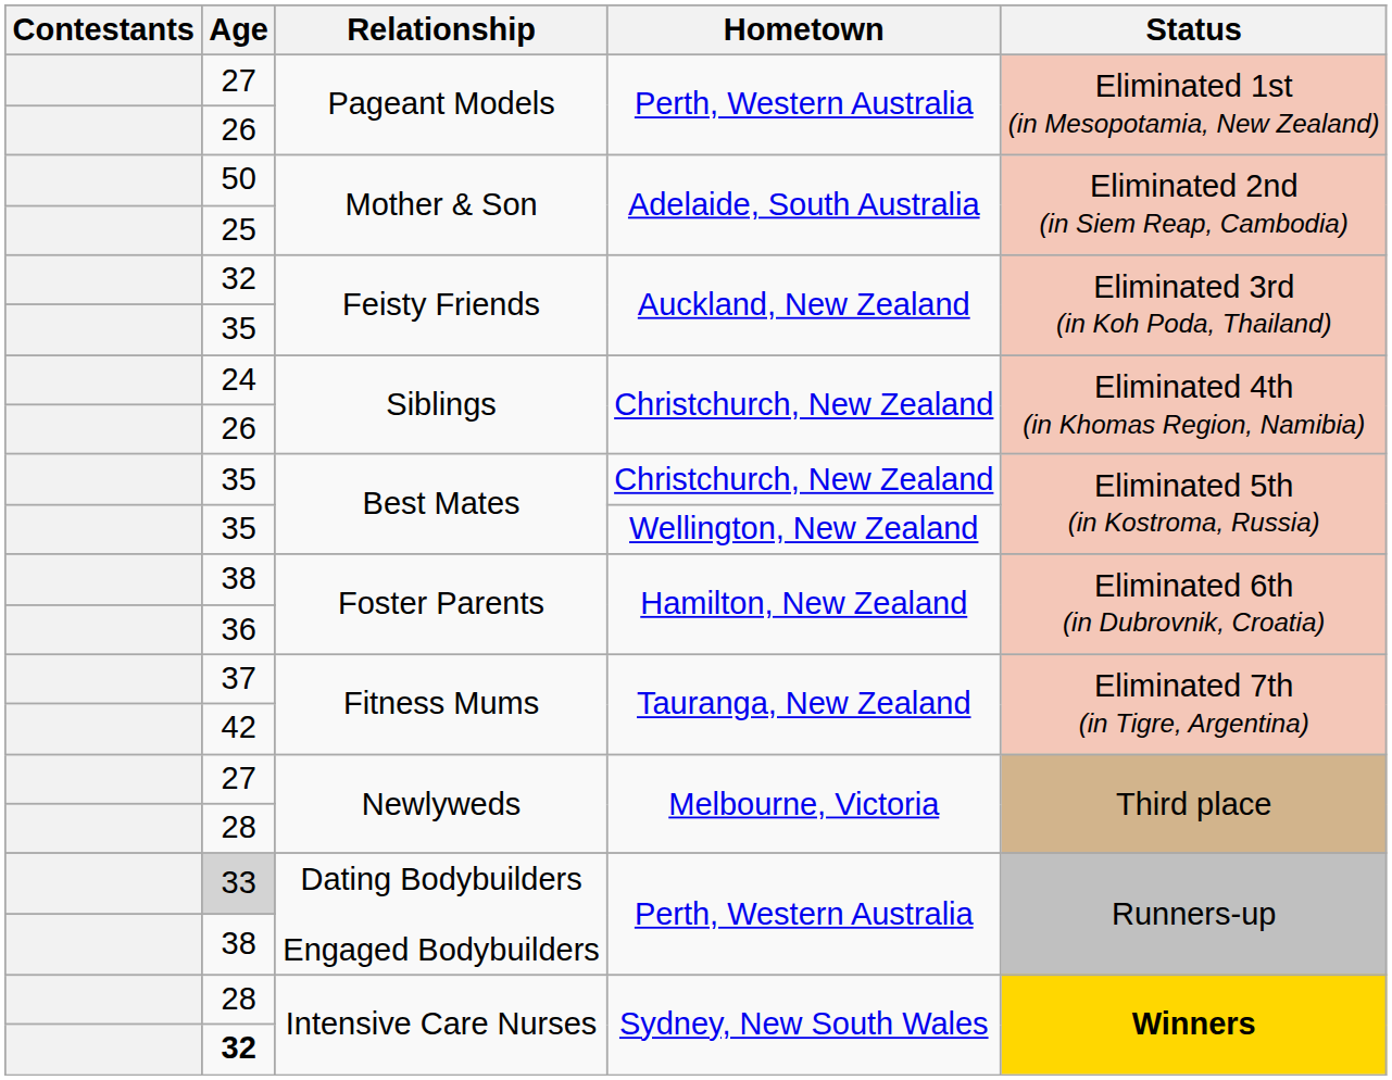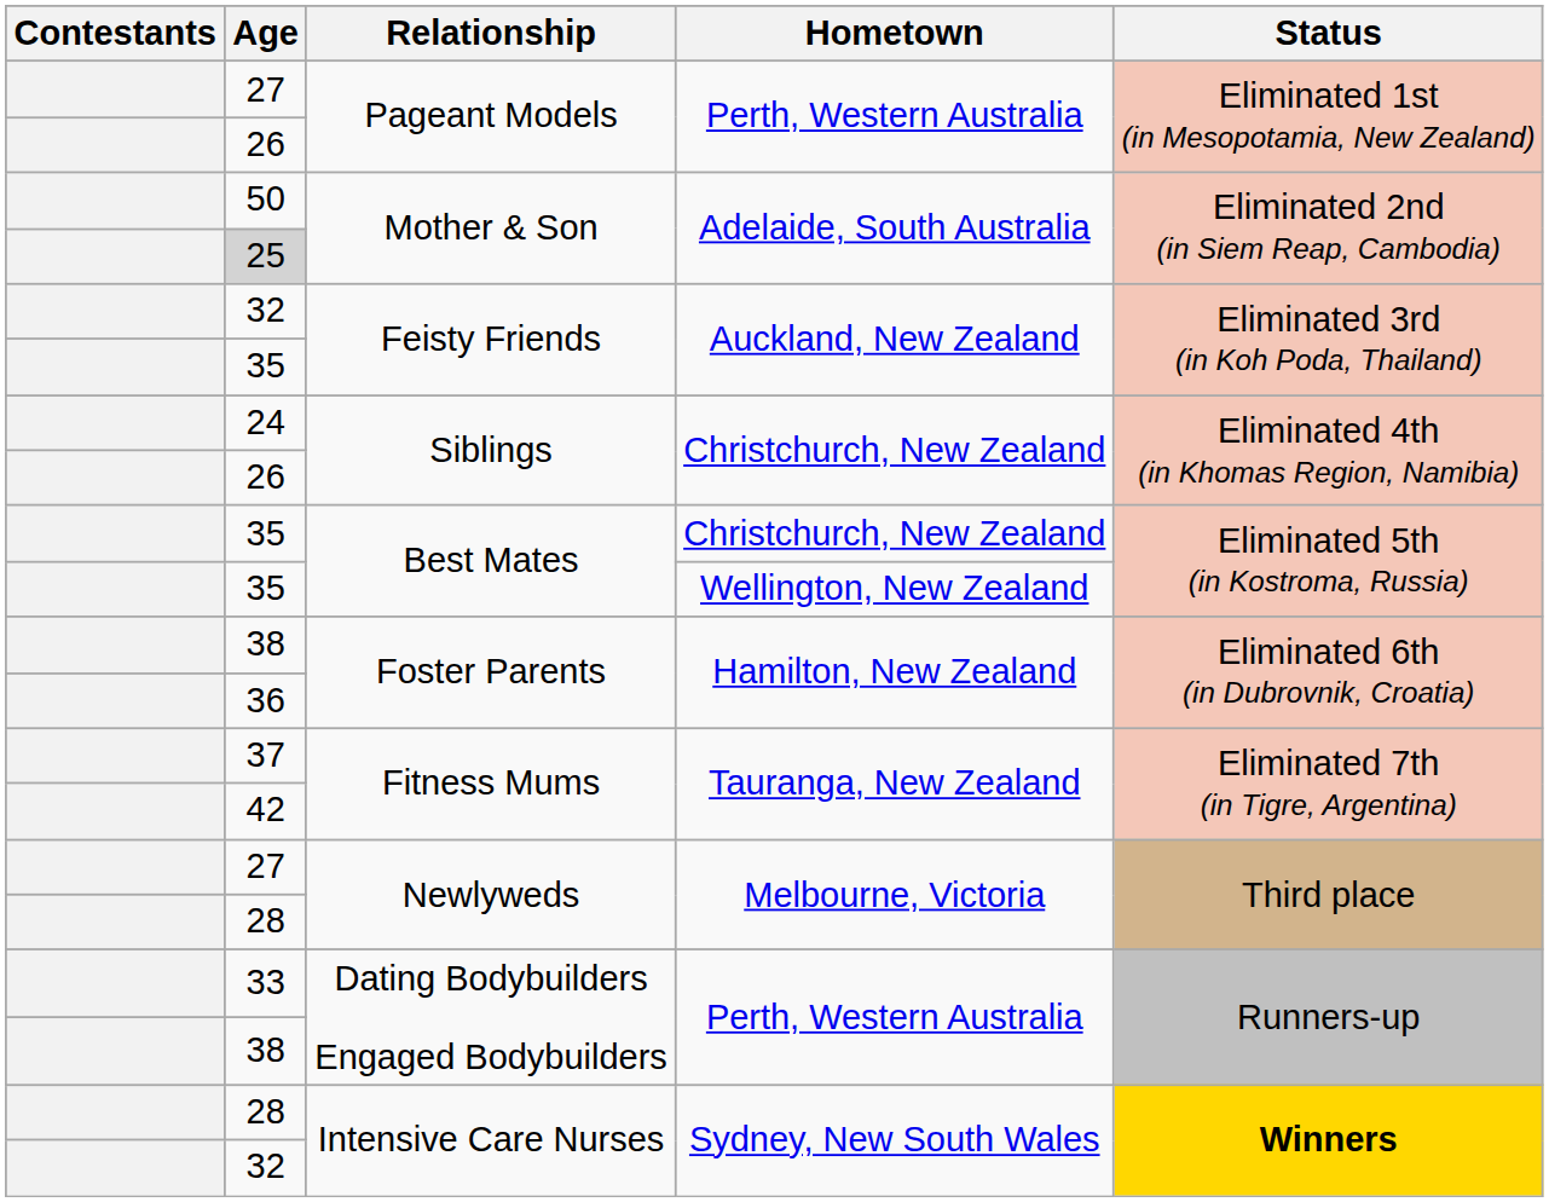 <table class="wikitable sortable" style="text-align:center;">
 <tr>
 <th scope="col">Contestants</th>
 <th scope="col">Age</th>
 <th scope="col" class="unsortable">Relationship</th>
 <th class="unsortable" scope="col">Hometown</th>
 <th scope="col">Status</th>
 </tr>
 <tr>
 <th scope="row"></th>
 <td>27</td>
 <td rowspan="2">Pageant Models</td>
 <td rowspan="2"><a href='#'>Perth, Western Australia</a></td>
 <td rowspan="2" bgcolor="f4c7b8">Eliminated 1st<br><small><em>(in Mesopotamia, New Zealand)</em></small></td>
 </tr>
 <tr>
 <th scope="row"></th>
 <td>26</td>
 </tr>
 <tr>
 <th scope="row"></th>
 <td>50</td>
 <td rowspan="2">Mother & Son</td>
 <td rowspan="2"><a href='#'>Adelaide, South Australia</a></td>
 <td rowspan="2" bgcolor="f4c7b8">Eliminated 2nd<br><small><em>(in Siem Reap, Cambodia)</em></small></td>
 </tr>
 <tr>
 <th scope="row"></th>
-<td>25</td>
+<td style="background: lightgrey;">25</td>
 </tr>
 <tr>
 <th scope="row"></th>
 <td>32</td>
 <td rowspan="2">Feisty Friends</td>
 <td rowspan="2"><a href='#'>Auckland, New Zealand</a></td>
 <td rowspan="2" bgcolor="f4c7b8">Eliminated 3rd<br><small><em>(in Koh Poda, Thailand)</em></small></td>
 </tr>
 <tr>
 <th scope="row"></th>
 <td>35</td>
 </tr>
 <tr>
 <th scope="row"></th>
 <td>24</td>
 <td rowspan="2">Siblings</td>
 <td rowspan="2"><a href='#'>Christchurch, New Zealand</a></td>
 <td rowspan="2" bgcolor="f4c7b8">Eliminated 4th<br><small><em>(in Khomas Region, Namibia)</em></small></td>
 </tr>
 <tr>
 <th scope="row"></th>
 <td>26</td>
 </tr>
 <tr>
 <th scope="row"></th>
 <td>35</td>
 <td rowspan="2">Best Mates</td>
 <td><a href='#'>Christchurch, New Zealand</a></td>
 <td rowspan="2" bgcolor="f4c7b8">Eliminated 5th<br><small><em>(in Kostroma, Russia)</em></small></td>
 </tr>
 <tr>
 <th scope="row"></th>
 <td>35</td>
 <td><a href='#'>Wellington, New Zealand</a></td>
 </tr>
 <tr>
 <th scope="row"></th>
 <td>38</td>
 <td rowspan="2">Foster Parents</td>
 <td rowspan="2"><a href='#'>Hamilton, New Zealand</a></td>
 <td rowspan="2" bgcolor="f4c7b8">Eliminated 6th<br><small><em>(in Dubrovnik, Croatia)</em></small></td>
 </tr>
 <tr>
 <th scope="row"></th>
 <td>36</td>
 </tr>
 <tr>
 <th scope="row"></th>
 <td>37</td>
 <td rowspan="2">Fitness Mums</td>
 <td rowspan="2"><a href='#'>Tauranga, New Zealand</a></td>
 <td rowspan="2" bgcolor="f4c7b8">Eliminated 7th<br><small><em>(in Tigre, Argentina)</em></small></td>
 </tr>
 <tr>
 <th scope="row"></th>
 <td>42</td>
 </tr>
 <tr>
 <th scope="row"></th>
 <td>27</td>
 <td rowspan="2">Newlyweds</td>
 <td rowspan="2"><a href='#'>Melbourne, Victoria</a></td>
 <td rowspan="2" bgcolor="tan">Third place</td>
 </tr>
 <tr>
 <th scope="row"></th>
 <td>28</td>
 </tr>
 <tr>
 <th scope="row"></th>
-<td style="background: lightgrey;">33</td>
+<td>33</td>
 <td rowspan="2">Dating Bodybuilders<br><em></em><br>Engaged Bodybuilders<br><em></em></td>
 <td rowspan="2"><a href='#'>Perth, Western Australia</a></td>
 <td rowspan="2" bgcolor="silver">Runners-up</td>
 </tr>
 <tr>
 <th scope="row"></th>
 <td>38</td>
 </tr>
 <tr>
 <th scope="row"></th>
 <td>28</td>
 <td rowspan="2">Intensive Care Nurses</td>
 <td rowspan="2"><a href='#'>Sydney, New South Wales</a></td>
 <td rowspan="2" bgcolor="gold"><strong>Winners</strong></td>
 </tr>
 <tr>
 <th scope="row"></th>
-<td><strong>32</strong></td>
+<td>32</td>
 </tr>
 </table>
